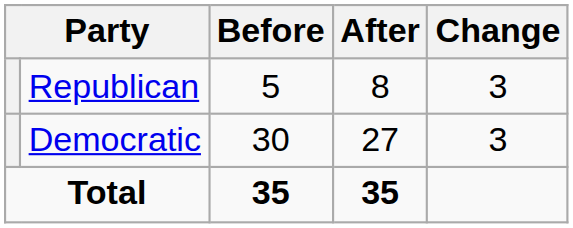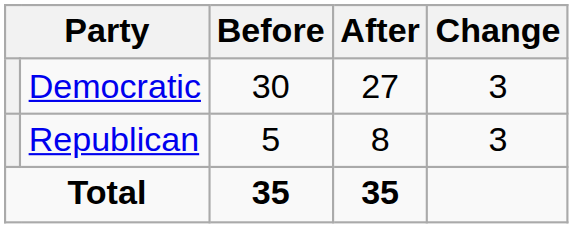 <table class="wikitable" style="text-align:center;">
 <tr>
 <th colspan="2">Party</th>
 <th>Before</th>
 <th>After</th>
 <th>Change</th>
 </tr>
 <tr>
 <th style="background-color:"></th>
-<td style="text-align:left;"><a href='#'>Republican</a></td>
-<td>5</td>
-<td>8</td>
+<td style="text-align:left;"><a href='#'>Democratic</a></td>
+<td>30</td>
+<td>27</td>
 <td> 3</td>
 </tr>
 <tr>
 <th style="background-color:"></th>
-<td style="text-align:left;"><a href='#'>Democratic</a></td>
-<td>30</td>
-<td>27</td>
+<td style="text-align:left;"><a href='#'>Republican</a></td>
+<td>5</td>
+<td>8</td>
 <td> 3</td>
 </tr>
 <tr>
 <td colspan="2"><strong>Total</strong></td>
 <td><strong>35</strong></td>
 <td><strong>35</strong></td>
 <td></td>
 </tr>
 </table>
